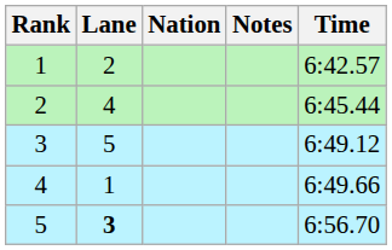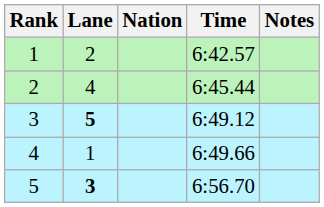 <table class="wikitable sortable" style="text-align:center">
 <tr>
 <th>Rank</th>
 <th>Lane</th>
 <th>Nation</th>
+<th>Time</th>
 <th>Notes</th>
-<th>Time</th>
 </tr>
 <tr bgcolor=bbf3bb>
 <td>1</td>
 <td>2</td>
 <td align=left></td>
+<td>6:42.57</td>
 <td></td>
-<td>6:42.57</td>
 </tr>
 <tr bgcolor=bbf3bb>
 <td>2</td>
 <td>4</td>
 <td align=left></td>
+<td>6:45.44</td>
 <td></td>
-<td>6:45.44</td>
 </tr>
 <tr bgcolor=bbf3ff>
 <td>3</td>
-<td>5</td>
+<td><strong>5</strong></td>
 <td align=left></td>
+<td>6:49.12</td>
 <td></td>
-<td>6:49.12</td>
 </tr>
 <tr bgcolor=bbf3ff>
 <td>4</td>
 <td>1</td>
 <td align=left></td>
+<td>6:49.66</td>
 <td></td>
-<td>6:49.66</td>
 </tr>
 <tr bgcolor=bbf3ff>
 <td>5</td>
 <td><strong>3</strong></td>
 <td align=left></td>
+<td>6:56.70</td>
 <td></td>
-<td>6:56.70</td>
 </tr>
 </table>
